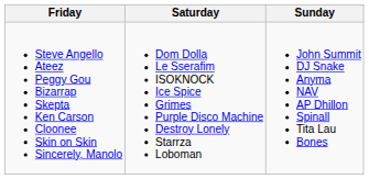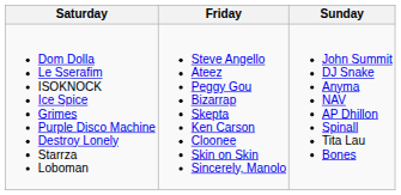 <table class="wikitable">
 <tr>
+<th>Saturday</th>
 <th>Friday</th>
-<th>Saturday</th>
 <th>Sunday</th>
 </tr>
 <tr valign="top">
+<td><br><ul><li><a href='#'>Dom Dolla</a></li><li><a href='#'>Le Sserafim</a></li><li>ISOKNOCK</li><li><a href='#'>Ice Spice</a></li><li><a href='#'>Grimes</a></li><li><a href='#'>Purple Disco Machine</a></li><li><a href='#'>Destroy Lonely</a></li><li>Starrza</li><li>Loboman</li></ul></td>
 <td><br><ul><li><a href='#'>Steve Angello</a></li><li><a href='#'>Ateez</a></li><li><a href='#'>Peggy Gou</a></li><li><a href='#'>Bizarrap</a></li><li><a href='#'>Skepta</a></li><li><a href='#'>Ken Carson</a></li><li><a href='#'>Cloonee</a></li><li><a href='#'>Skin on Skin</a></li><li><a href='#'>Sincerely, Manolo</a></li></ul></td>
-<td><br><ul><li><a href='#'>Dom Dolla</a></li><li><a href='#'>Le Sserafim</a></li><li>ISOKNOCK</li><li><a href='#'>Ice Spice</a></li><li><a href='#'>Grimes</a></li><li><a href='#'>Purple Disco Machine</a></li><li><a href='#'>Destroy Lonely</a></li><li>Starrza</li><li>Loboman</li></ul></td>
 <td><br><ul><li><a href='#'>John Summit</a></li><li><a href='#'>DJ Snake</a></li><li><a href='#'>Anyma</a></li><li><a href='#'>NAV</a></li><li><a href='#'>AP Dhillon</a></li><li><a href='#'>Spinall</a></li><li>Tita Lau</li><li><a href='#'>Bones</a></li></ul></td>
 </tr>
 </table>
